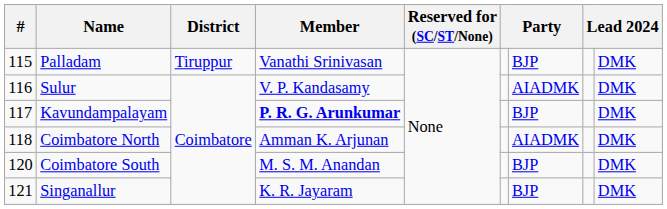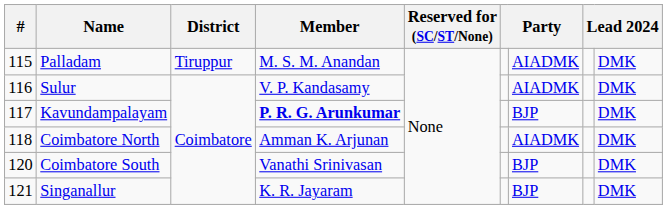 <table class="wikitable">
 <tr>
 <th>#</th>
 <th>Name</th>
 <th>District</th>
 <th>Member</th>
 <th>Reserved for <br><small>(<a href='#'>SC</a>/<a href='#'>ST</a>/None)</small></th>
 <th colspan="2">Party</th>
 <th colspan="2">Lead 2024</th>
 </tr>
 <tr>
 <td>115</td>
 <td><a href='#'>Palladam</a></td>
 <td><a href='#'>Tiruppur</a></td>
-<td><a href='#'>Vanathi Srinivasan</a></td>
+<td><a href='#'>M. S. M. Anandan</a></td>
 <td rowspan="6">None</td>
 <td style="background-color: "></td>
-<td><a href='#'>BJP</a></td>
+<td><a href='#'>AIADMK</a></td>
 <td style="background-color: "></td>
 <td><a href='#'>DMK</a></td>
 </tr>
 <tr>
 <td>116</td>
 <td><a href='#'>Sulur</a></td>
 <td rowspan="5"><a href='#'>Coimbatore</a></td>
 <td><a href='#'>V. P. Kandasamy</a></td>
 <td style="background-color: "></td>
 <td><a href='#'>AIADMK</a></td>
 <td style="background-color: "></td>
 <td><a href='#'>DMK</a></td>
 </tr>
 <tr>
 <td>117</td>
 <td><a href='#'>Kavundampalayam</a></td>
 <td><strong><a href='#'>P. R. G. Arunkumar</a></strong></td>
 <td style="background-color: "></td>
 <td><a href='#'>BJP</a></td>
 <td style="background-color: "></td>
 <td><a href='#'>DMK</a></td>
 </tr>
 <tr>
 <td>118</td>
 <td><a href='#'>Coimbatore North</a></td>
 <td><a href='#'>Amman K. Arjunan</a></td>
 <td style="background-color: "></td>
 <td><a href='#'>AIADMK</a></td>
 <td style="background-color: "></td>
 <td><a href='#'>DMK</a></td>
 </tr>
 <tr>
 <td>120</td>
 <td><a href='#'>Coimbatore South</a></td>
-<td><a href='#'>M. S. M. Anandan</a></td>
+<td><a href='#'>Vanathi Srinivasan</a></td>
 <td style="background-color: "></td>
 <td><a href='#'>BJP</a></td>
 <td style="background-color: "></td>
 <td><a href='#'>DMK</a></td>
 </tr>
 <tr>
 <td>121</td>
 <td><a href='#'>Singanallur</a></td>
 <td><a href='#'>K. R. Jayaram</a></td>
 <td style="background-color: "></td>
 <td><a href='#'>BJP</a></td>
 <td style="background-color: "></td>
 <td><a href='#'>DMK</a></td>
 </tr>
 </table>
